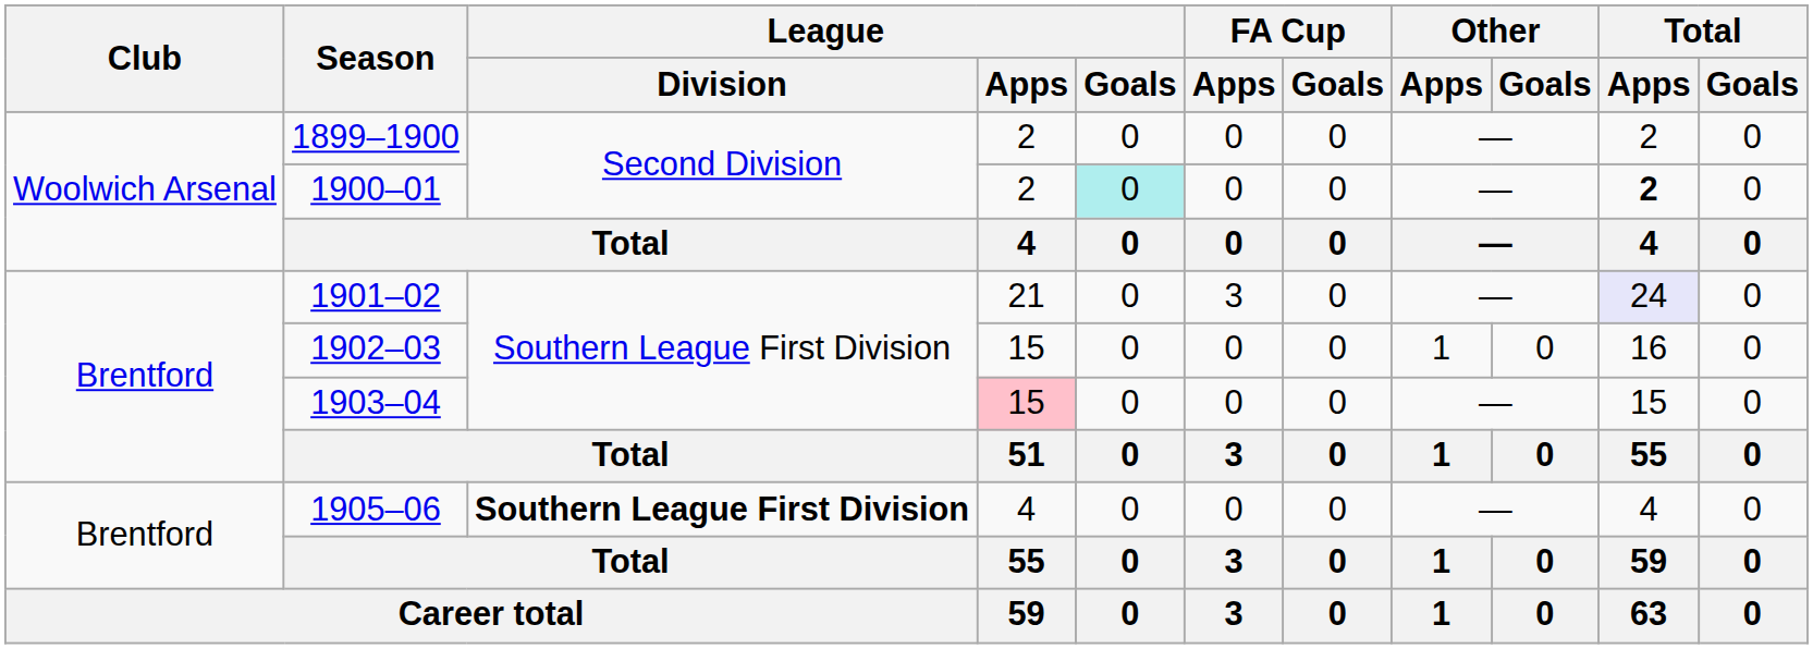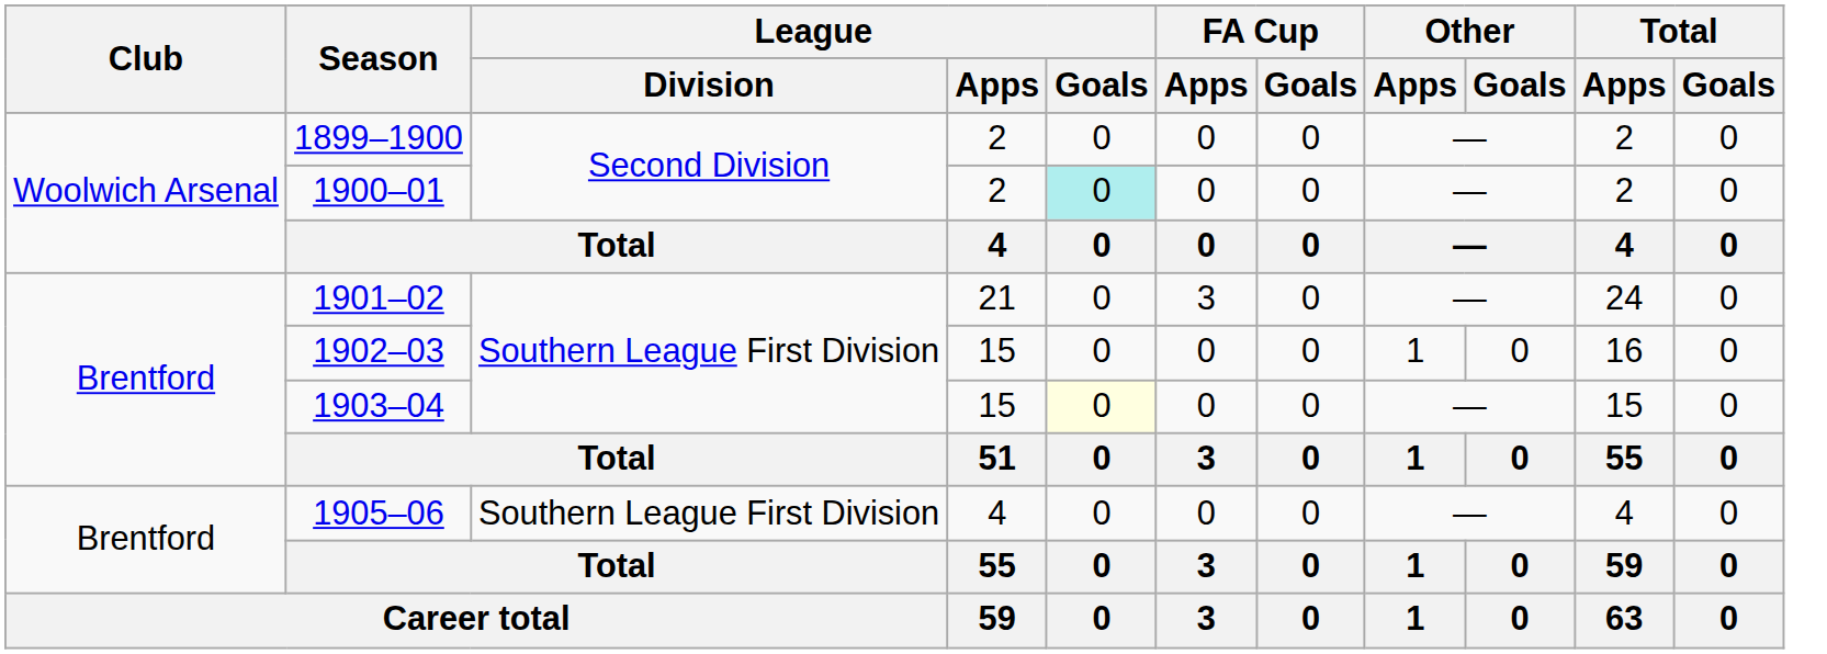 <table class="wikitable" style="text-align: center;">
 <tr>
 <th rowspan="2">Club</th>
 <th rowspan="2">Season</th>
 <th colspan="3">League</th>
 <th colspan="2">FA Cup</th>
 <th colspan="2">Other</th>
 <th colspan="2">Total</th>
 </tr>
 <tr>
 <th>Division</th>
 <th>Apps</th>
 <th>Goals</th>
 <th>Apps</th>
 <th>Goals</th>
 <th>Apps</th>
 <th>Goals</th>
 <th>Apps</th>
 <th>Goals</th>
 </tr>
 <tr>
 <td rowspan="3"><a href='#'>Woolwich Arsenal</a></td>
 <td><a href='#'>1899–1900</a></td>
 <td rowspan="2"><a href='#'>Second Division</a></td>
 <td>2</td>
 <td>0</td>
 <td>0</td>
 <td>0</td>
 <td colspan="2">—</td>
 <td>2</td>
 <td>0</td>
 </tr>
 <tr>
 <td><a href='#'>1900–01</a></td>
 <td>2</td>
 <td style="background: paleturquoise;">0</td>
 <td>0</td>
 <td>0</td>
 <td colspan="2">—</td>
-<td><strong>2</strong></td>
+<td>2</td>
 <td>0</td>
 </tr>
 <tr>
 <th colspan="2">Total</th>
 <th>4</th>
 <th>0</th>
 <th>0</th>
 <th>0</th>
 <th colspan="2">—</th>
 <th>4</th>
 <th>0</th>
 </tr>
 <tr>
 <td rowspan="4"><a href='#'>Brentford</a></td>
 <td><a href='#'>1901–02</a></td>
 <td rowspan="3"><a href='#'>Southern League</a> First Division</td>
 <td>21</td>
 <td>0</td>
 <td>3</td>
 <td>0</td>
 <td colspan="2">—</td>
-<td style="background: lavender;">24</td>
+<td>24</td>
 <td>0</td>
 </tr>
 <tr>
 <td><a href='#'>1902–03</a></td>
 <td>15</td>
 <td>0</td>
 <td>0</td>
 <td>0</td>
 <td>1</td>
 <td>0</td>
 <td>16</td>
 <td>0</td>
 </tr>
 <tr>
 <td><a href='#'>1903–04</a></td>
-<td style="background: pink;">15</td>
-<td>0</td>
+<td>15</td>
+<td style="background: lightyellow;">0</td>
 <td>0</td>
 <td>0</td>
 <td colspan="2">—</td>
 <td>15</td>
 <td>0</td>
 </tr>
 <tr>
 <th colspan="2">Total</th>
 <th>51</th>
 <th>0</th>
 <th>3</th>
 <th>0</th>
 <th>1</th>
 <th>0</th>
 <th>55</th>
 <th>0</th>
 </tr>
 <tr>
 <td rowspan="2">Brentford</td>
 <td><a href='#'>1905–06</a></td>
-<td><strong>Southern League First Division</strong></td>
+<td>Southern League First Division</td>
 <td>4</td>
 <td>0</td>
 <td>0</td>
 <td>0</td>
 <td colspan="2">—</td>
 <td>4</td>
 <td>0</td>
 </tr>
 <tr>
 <th colspan="2">Total</th>
 <th>55</th>
 <th>0</th>
 <th>3</th>
 <th>0</th>
 <th>1</th>
 <th>0</th>
 <th>59</th>
 <th>0</th>
 </tr>
 <tr>
 <th colspan="3">Career total</th>
 <th>59</th>
 <th>0</th>
 <th>3</th>
 <th>0</th>
 <th>1</th>
 <th>0</th>
 <th>63</th>
 <th>0</th>
 </tr>
 </table>
